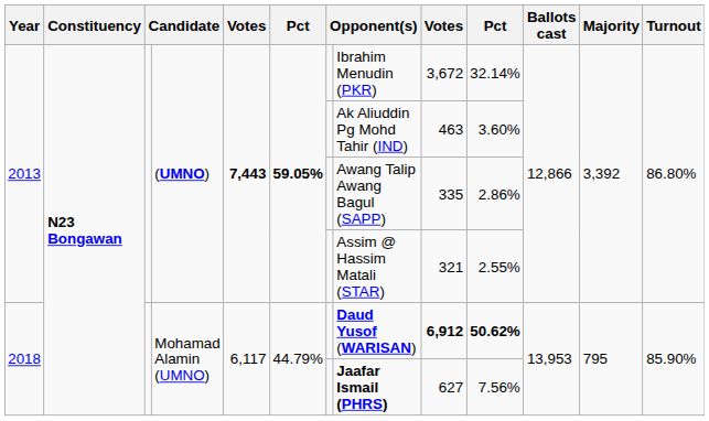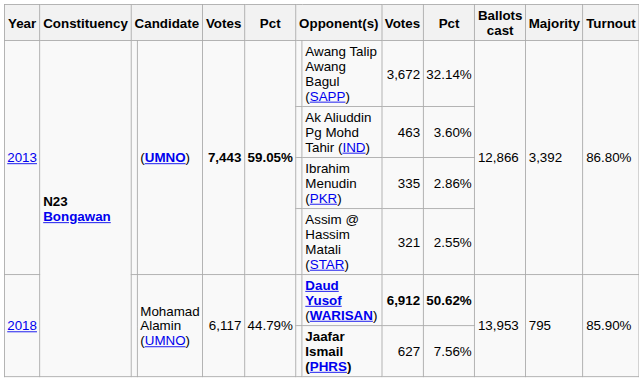 <table class="wikitable" style="margin:0.5em ; font-size:95%">
 <tr>
 <th>Year</th>
 <th>Constituency</th>
 <th colspan=2>Candidate</th>
 <th>Votes</th>
 <th>Pct</th>
 <th colspan=2>Opponent(s)</th>
 <th>Votes</th>
 <th>Pct</th>
 <th>Ballots cast</th>
 <th>Majority</th>
 <th>Turnout</th>
 </tr>
 <tr>
 <td rowspan=4><a href='#'>2013</a></td>
 <td rowspan=6><strong>N23 <a href='#'>Bongawan</a></strong></td>
 <td rowspan=4 ></td>
 <td rowspan=4> (<a href='#'><strong>UMNO</strong></a>)</td>
 <td rowspan=4 align="right"><strong>7,443</strong></td>
 <td rowspan=4><strong>59.05%</strong></td>
 <td></td>
-<td>Ibrahim Menudin (<a href='#'>PKR</a>)</td>
+<td>Awang Talip Awang Bagul (<a href='#'>SAPP</a>)</td>
 <td align="right">3,672</td>
 <td>32.14%</td>
 <td rowspan=4>12,866</td>
 <td rowspan=4>3,392</td>
 <td rowspan=4>86.80%</td>
 </tr>
 <tr>
 <td></td>
 <td>Ak Aliuddin Pg Mohd Tahir (<a href='#'>IND</a>)</td>
 <td align="right">463</td>
 <td align="right">3.60%</td>
 </tr>
 <tr>
 <td></td>
-<td>Awang Talip Awang Bagul (<a href='#'>SAPP</a>)</td>
+<td>Ibrahim Menudin (<a href='#'>PKR</a>)</td>
 <td align="right">335</td>
 <td align="right">2.86%</td>
 </tr>
 <tr>
 <td></td>
 <td>Assim @ Hassim Matali (<a href='#'>STAR</a>)</td>
 <td align="right">321</td>
 <td align="right">2.55%</td>
 </tr>
 <tr>
 <td rowspan=2><a href='#'>2018</a></td>
 <td rowspan=2 ></td>
 <td rowspan=2>Mohamad Alamin (<a href='#'>UMNO</a>)</td>
 <td rowspan=2 align="right">6,117</td>
 <td rowspan=2>44.79%</td>
 <td></td>
 <td><strong><a href='#'>Daud Yusof</a></strong> (<a href='#'><strong>WARISAN</strong></a>)</td>
 <td align="right"><strong>6,912</strong></td>
 <td><strong>50.62%</strong></td>
 <td rowspan=2>13,953</td>
 <td rowspan=2>795</td>
 <td rowspan=2>85.90%</td>
 </tr>
 <tr>
 <td></td>
 <td><strong>Jaafar Ismail (<a href='#'>PHRS</a>)</strong></td>
 <td align="right">627</td>
 <td align="right">7.56%</td>
 </tr>
 </table>
